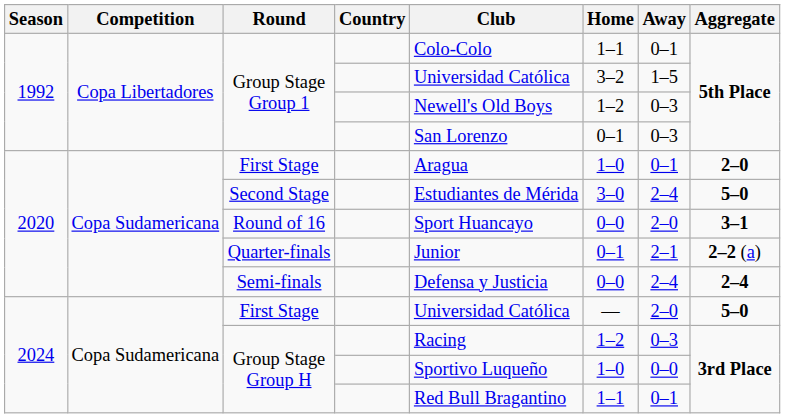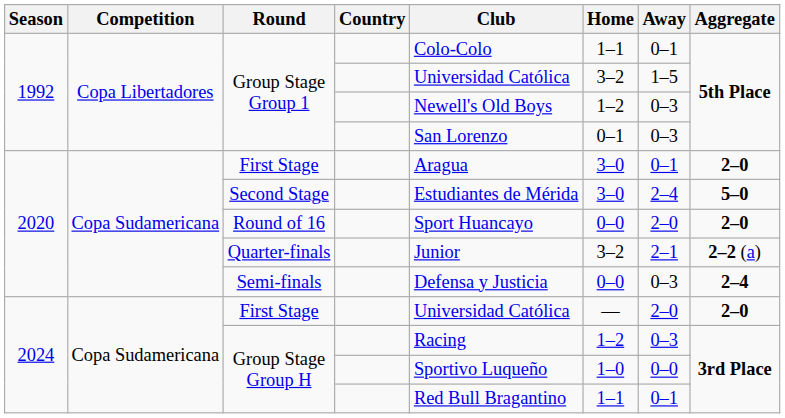 <table class="wikitable" style="text-align:left;">
 <tr>
 <th>Season</th>
 <th>Competition</th>
 <th>Round</th>
 <th>Country</th>
 <th>Club</th>
 <th>Home</th>
 <th>Away</th>
 <th>Aggregate</th>
 </tr>
 <tr>
 <td style="text-align:center;" rowspan="4"><a href='#'>1992</a></td>
 <td style="text-align:center;" rowspan="4"><a href='#'>Copa Libertadores</a></td>
 <td style="text-align:center;" rowspan="4">Group Stage<br><a href='#'>Group 1</a></td>
 <td style="text-align:center;"></td>
 <td><a href='#'>Colo-Colo</a></td>
 <td style="text-align:center;">1–1</td>
 <td style="text-align:center;">0–1</td>
 <td style="text-align:center;" rowspan=4><strong>5th Place</strong></td>
 </tr>
 <tr>
 <td style="text-align:center;"></td>
 <td><a href='#'>Universidad Católica</a></td>
 <td style="text-align:center;">3–2</td>
 <td style="text-align:center;">1–5</td>
 </tr>
 <tr>
 <td style="text-align:center;"></td>
 <td><a href='#'>Newell's Old Boys</a></td>
 <td style="text-align:center;">1–2</td>
 <td style="text-align:center;">0–3</td>
 </tr>
 <tr>
 <td style="text-align:center;"></td>
 <td><a href='#'>San Lorenzo</a></td>
 <td style="text-align:center;">0–1</td>
 <td style="text-align:center;">0–3</td>
 </tr>
 <tr>
 <td style="text-align:center;" rowspan="5"><a href='#'>2020</a></td>
 <td style="text-align:center;" rowspan="5"><a href='#'>Copa Sudamericana</a></td>
 <td style="text-align:center;"><a href='#'>First Stage</a></td>
 <td style="text-align:center;"></td>
 <td><a href='#'>Aragua</a></td>
-<td style="text-align:center;"><a href='#'>1–0</a></td>
+<td style="text-align:center;"><a href='#'>3–0</a></td>
 <td style="text-align:center;"><a href='#'>0–1</a></td>
 <td style="text-align:center;"><strong>2–0</strong></td>
 </tr>
 <tr>
 <td style="text-align:center;"><a href='#'>Second Stage</a></td>
 <td style="text-align:center;"></td>
 <td><a href='#'>Estudiantes de Mérida</a></td>
 <td style="text-align:center;"><a href='#'>3–0</a></td>
 <td style="text-align:center;"><a href='#'>2–4</a></td>
 <td style="text-align:center;"><strong>5–0</strong></td>
 </tr>
 <tr>
 <td style="text-align:center;"><a href='#'>Round of 16</a></td>
 <td style="text-align:center;"></td>
 <td><a href='#'>Sport Huancayo</a></td>
 <td style="text-align:center;"><a href='#'>0–0</a></td>
 <td style="text-align:center;"><a href='#'>2–0</a></td>
-<td style="text-align:center;"><strong>3–1</strong></td>
+<td style="text-align:center;"><strong>2–0</strong></td>
 </tr>
 <tr>
 <td style="text-align:center;"><a href='#'>Quarter-finals</a></td>
 <td style="text-align:center;"></td>
 <td><a href='#'>Junior</a></td>
-<td style="text-align:center;"><a href='#'>0–1</a></td>
+<td style="text-align:center;">3–2</td>
 <td style="text-align:center;"><a href='#'>2–1</a></td>
 <td style="text-align:center;"><strong>2–2</strong> (<a href='#'>a</a>)</td>
 </tr>
 <tr>
 <td style="text-align:center;"><a href='#'>Semi-finals</a></td>
 <td style="text-align:center;"></td>
 <td><a href='#'>Defensa y Justicia</a></td>
 <td style="text-align:center;"><a href='#'>0–0</a></td>
-<td style="text-align:center;"><a href='#'>2–4</a></td>
+<td style="text-align:center;">0–3</td>
 <td style="text-align:center;"><strong>2–4</strong></td>
 </tr>
 <tr>
 <td style="text-align:center;" rowspan="4"><a href='#'>2024</a></td>
 <td style="text-align:center;" rowspan="4">Copa Sudamericana</td>
 <td style="text-align:center;"><a href='#'>First Stage</a></td>
 <td style="text-align:center;"></td>
 <td><a href='#'>Universidad Católica</a></td>
 <td style="text-align:center;">—</td>
 <td style="text-align:center;"><a href='#'>2–0</a></td>
-<td style="text-align:center;"><strong>5–0</strong></td>
+<td style="text-align:center;"><strong>2–0</strong></td>
 </tr>
 <tr>
 <td style="text-align:center;" rowspan="3">Group Stage<br><a href='#'>Group H</a></td>
 <td style="text-align:center;"></td>
 <td><a href='#'>Racing</a></td>
 <td style="text-align:center;"><a href='#'>1–2</a></td>
 <td style="text-align:center;"><a href='#'>0–3</a></td>
 <td style="text-align:center;" rowspan=3><strong>3rd Place</strong></td>
 </tr>
 <tr>
 <td style="text-align:center;"></td>
 <td><a href='#'>Sportivo Luqueño</a></td>
 <td style="text-align:center;"><a href='#'>1–0</a></td>
 <td style="text-align:center;"><a href='#'>0–0</a></td>
 </tr>
 <tr>
 <td style="text-align:center;"></td>
 <td><a href='#'>Red Bull Bragantino</a></td>
 <td style="text-align:center;"><a href='#'>1–1</a></td>
 <td style="text-align:center;"><a href='#'>0–1</a></td>
 </tr>
 </table>
